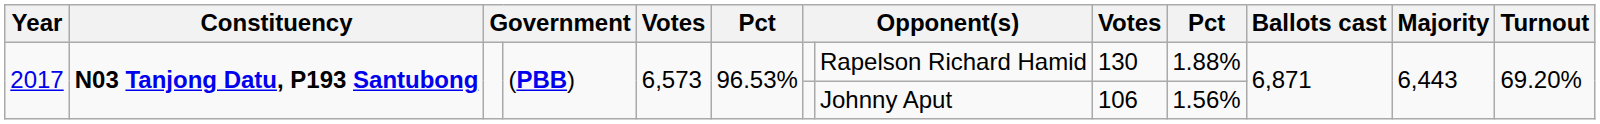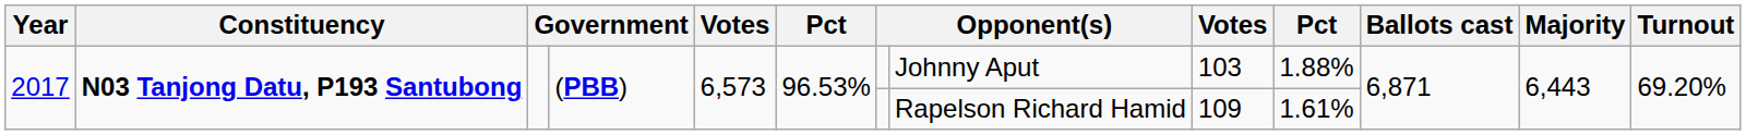 <table class="wikitable" style="margin:0.5em ; font-size:100%">
 <tr>
 <th>Year</th>
 <th>Constituency</th>
 <th colspan=2>Government</th>
 <th>Votes</th>
 <th>Pct</th>
 <th colspan=2>Opponent(s)</th>
 <th>Votes</th>
 <th>Pct</th>
 <th>Ballots cast</th>
 <th>Majority</th>
 <th>Turnout</th>
 </tr>
 <tr>
 <td rowspan="2"><a href='#'>2017</a></td>
 <td rowspan="2"><strong>N03 <a href='#'>Tanjong Datu</a>, P193 <a href='#'>Santubong</a></strong></td>
 <td rowspan="2" ></td>
 <td rowspan="2"> (<strong><a href='#'>PBB</a></strong>)</td>
 <td rowspan="2">6,573</td>
 <td rowspan="2">96.53%</td>
 <td></td>
-<td>Rapelson Richard Hamid</td>
-<td>130</td>
+<td>Johnny Aput</td>
+<td>103</td>
 <td>1.88%</td>
 <td rowspan="2">6,871</td>
 <td rowspan="2">6,443</td>
 <td rowspan="2">69.20%</td>
 </tr>
 <tr>
 <td></td>
-<td>Johnny Aput</td>
-<td>106</td>
-<td>1.56%</td>
+<td>Rapelson Richard Hamid</td>
+<td>109</td>
+<td>1.61%</td>
 </tr>
 </table>
